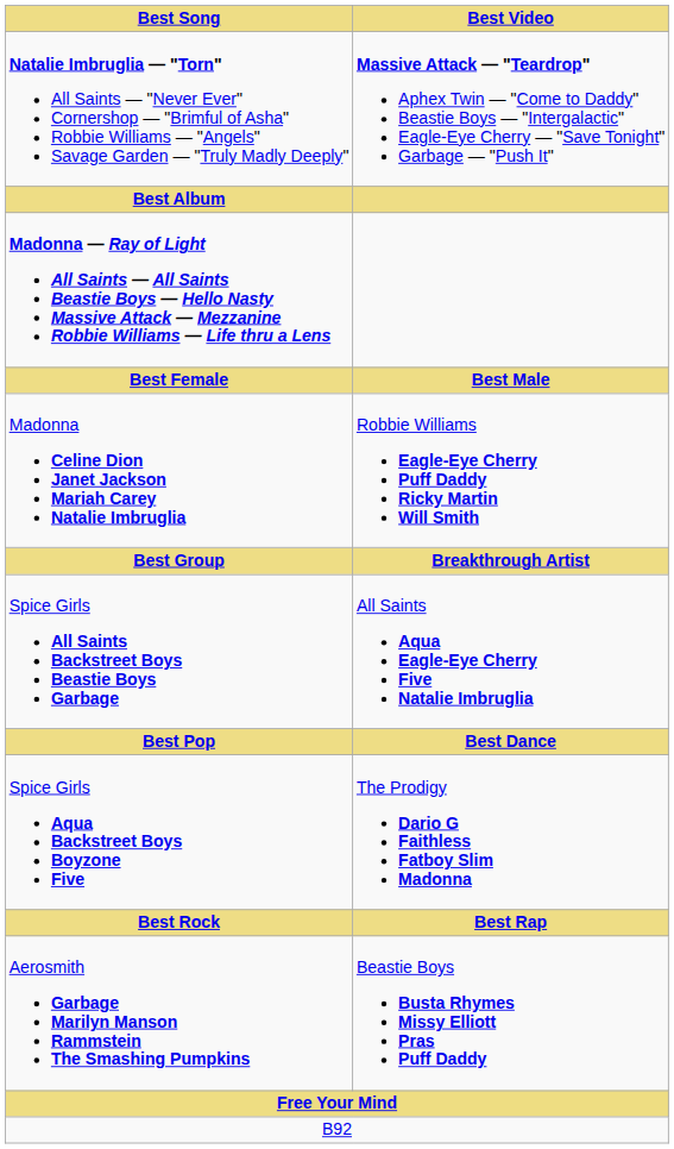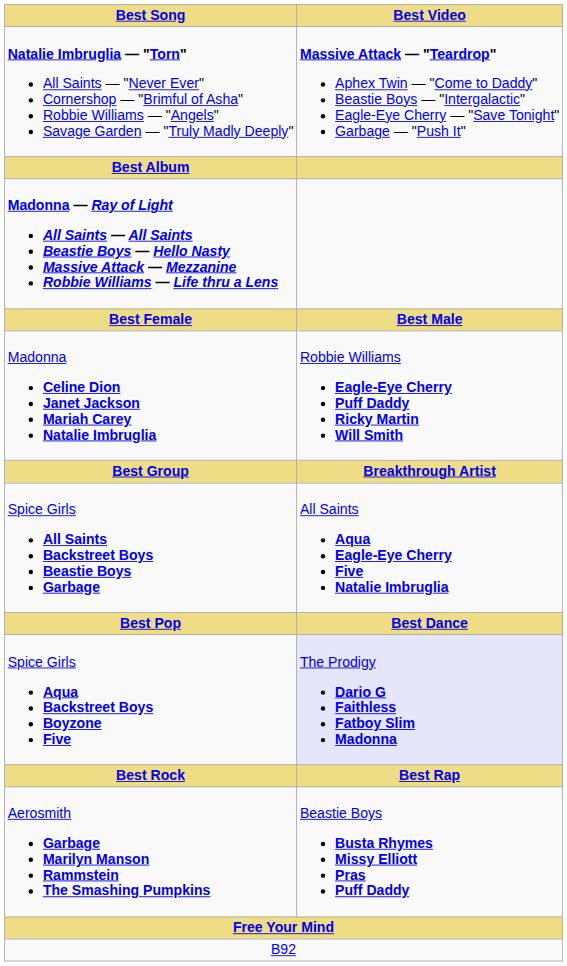 <table class=wikitable style="width=100%">
 <tr>
 <th style="background:#EEDD85; width=50%"><a href='#'>Best Song</a></th>
 <th style="background:#EEDD85; width=50%"><a href='#'>Best Video</a></th>
 </tr>
 <tr>
 <td valign="top"><br><strong><a href='#'>Natalie Imbruglia</a> — "<a href='#'>Torn</a>"</strong><ul><li><a href='#'>All Saints</a> — "<a href='#'>Never Ever</a>"</li><li><a href='#'>Cornershop</a> — "<a href='#'>Brimful of Asha</a>"</li><li><a href='#'>Robbie Williams</a> — "<a href='#'>Angels</a>"</li><li><a href='#'>Savage Garden</a> — "<a href='#'>Truly Madly Deeply</a>"</li></ul></td>
 <td valign="top"><br><strong><a href='#'>Massive Attack</a> — "<a href='#'>Teardrop</a>"</strong><ul><li><a href='#'>Aphex Twin</a> — "<a href='#'>Come to Daddy</a>"</li><li><a href='#'>Beastie Boys</a> — "<a href='#'>Intergalactic</a>"</li><li><a href='#'>Eagle-Eye Cherry</a> — "<a href='#'>Save Tonight</a>"</li><li><a href='#'>Garbage</a> — "<a href='#'>Push It</a>"</li></ul></td>
 </tr>
 <tr>
 <th style="background:#EEDD85; width=50%"><a href='#'>Best Album</a></th>
 <th style="background:#EEDD85; width=50%"></th>
 </tr>
 <tr>
 <td valign="top"><br><strong><a href='#'>Madonna</a> — <em><a href='#'>Ray of Light</a><strong><em><ul><li><a href='#'>All Saints</a> — </em><a href='#'>All Saints</a><em></li><li><a href='#'>Beastie Boys</a> — </em><a href='#'>Hello Nasty</a><em></li><li><a href='#'>Massive Attack</a> — </em><a href='#'>Mezzanine</a><em></li><li><a href='#'>Robbie Williams</a> — </em><a href='#'>Life thru a Lens</a><em></li></ul></td>
 <td valign="top"></td>
 </tr>
 <tr>
 <th style="background:#EEDD85; width=50%"><a href='#'>Best Female</a></th>
 <th style="background:#EEDD85; width=50%"><a href='#'>Best Male</a></th>
 </tr>
 <tr>
 <td valign="top"><br></strong><a href='#'>Madonna</a><strong><ul><li><a href='#'>Celine Dion</a></li><li><a href='#'>Janet Jackson</a></li><li><a href='#'>Mariah Carey</a></li><li><a href='#'>Natalie Imbruglia</a></li></ul></td>
 <td valign="top"><br></strong><a href='#'>Robbie Williams</a><strong><ul><li><a href='#'>Eagle-Eye Cherry</a></li><li><a href='#'>Puff Daddy</a></li><li><a href='#'>Ricky Martin</a></li><li><a href='#'>Will Smith</a></li></ul></td>
 </tr>
 <tr>
 <th style="background:#EEDD85; width=50%"><a href='#'>Best Group</a></th>
 <th style="background:#EEDD85; width=50%"><a href='#'>Breakthrough Artist</a></th>
 </tr>
 <tr>
 <td valign="top"><br></strong><a href='#'>Spice Girls</a><strong><ul><li><a href='#'>All Saints</a></li><li><a href='#'>Backstreet Boys</a></li><li><a href='#'>Beastie Boys</a></li><li><a href='#'>Garbage</a></li></ul></td>
 <td valign="top"><br></strong><a href='#'>All Saints</a><strong><ul><li><a href='#'>Aqua</a></li><li><a href='#'>Eagle-Eye Cherry</a></li><li><a href='#'>Five</a></li><li><a href='#'>Natalie Imbruglia</a></li></ul></td>
 </tr>
 <tr>
 <th style="background:#EEDD85; width=50%"><a href='#'>Best Pop</a></th>
 <th style="background:#EEDD85; width=50%"><a href='#'>Best Dance</a></th>
 </tr>
 <tr>
 <td valign="top"><br></strong><a href='#'>Spice Girls</a><strong><ul><li><a href='#'>Aqua</a></li><li><a href='#'>Backstreet Boys</a></li><li><a href='#'>Boyzone</a></li><li><a href='#'>Five</a></li></ul></td>
-<td valign="top"><br></strong><a href='#'>The Prodigy</a><strong><ul><li><a href='#'>Dario G</a></li><li><a href='#'>Faithless</a></li><li><a href='#'>Fatboy Slim</a></li><li><a href='#'>Madonna</a></li></ul></td>
+<td valign="top" style="background: lavender;"><br></strong><a href='#'>The Prodigy</a><strong><ul><li><a href='#'>Dario G</a></li><li><a href='#'>Faithless</a></li><li><a href='#'>Fatboy Slim</a></li><li><a href='#'>Madonna</a></li></ul></td>
 </tr>
 <tr>
 <th style="background:#EEDD85; width=50%"><a href='#'>Best Rock</a></th>
 <th style="background:#EEDD85; width=50%"><a href='#'>Best Rap</a></th>
 </tr>
 <tr>
 <td valign="top"><br></strong><a href='#'>Aerosmith</a><strong><ul><li><a href='#'>Garbage</a></li><li><a href='#'>Marilyn Manson</a></li><li><a href='#'>Rammstein</a></li><li><a href='#'>The Smashing Pumpkins</a></li></ul></td>
 <td valign="top"><br></strong><a href='#'>Beastie Boys</a><strong><ul><li><a href='#'>Busta Rhymes</a></li><li><a href='#'>Missy Elliott</a></li><li><a href='#'>Pras</a></li><li><a href='#'>Puff Daddy</a></li></ul></td>
 </tr>
 <tr>
 <th style="background:#EEDD82; width=50%" colspan="2"><a href='#'>Free Your Mind</a></th>
 </tr>
 <tr>
 <td colspan="2" style="text-align: center;"></strong><a href='#'>B92</a><strong></td>
 </tr>
 </table>
